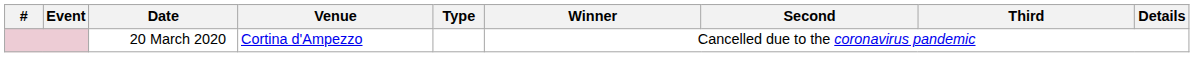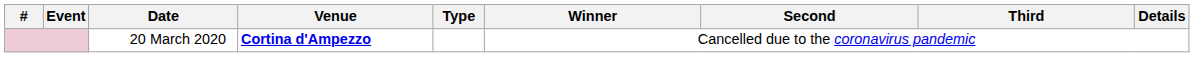 <table class="wikitable plainrowheaders" style="background:#fff; font-size:86%; line-height:16px; border:grey solid 1px; border-collapse:collapse;">
 <tr>
 <th style="width:30px;">#</th>
 <th style="width:33px;">Event</th>
 <th style="width:135px;">Date</th>
 <th style="width:180px;">Venue</th>
 <th style="width:42px;">Type</th>
 <th style="width:200px;">Winner</th>
 <th style="width:200px;">Second</th>
 <th style="width:200px;">Third</th>
 <th style="width:10px;">Details</th>
 </tr>
 <tr>
 <td colspan="2" align="center" bgcolor="EDCCD5"></td>
 <td align="right">20 March 2020  </td>
-<td> <a href='#'>Cortina d'Ampezzo</a></td>
+<td><strong> <a href='#'>Cortina d'Ampezzo</a></strong></td>
 <td align=right> </td>
 <td colspan="4" align="center">Cancelled due to the <em><a href='#'>coronavirus pandemic</a></em></td>
 </tr>
 </table>
